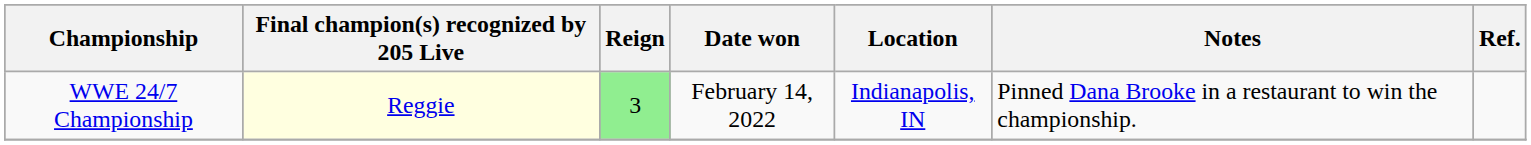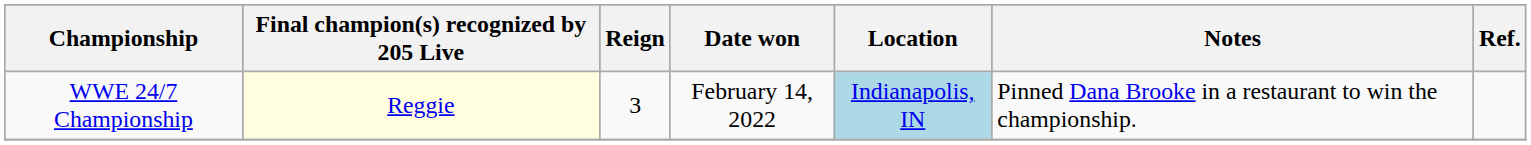 <table class="wikitable" style="font-size: 85%;">
 <tr>
 <th>Championship</th>
 <th>Final champion(s) recognized by 205 Live</th>
 <th>Reign</th>
 <th>Date won</th>
 <th>Location</th>
 <th>Notes</th>
 <th>Ref.</th>
 </tr>
 <tr>
 <td align=center><a href='#'>WWE 24/7 Championship</a></td>
 <td align=center style="background: lightyellow;"><a href='#'>Reggie</a></td>
-<td align=center style="background: lightgreen;">3</td>
+<td align=center>3</td>
 <td align=center>February 14, 2022</td>
-<td align=center><a href='#'>Indianapolis, IN</a></td>
+<td align=center style="background: lightblue;"><a href='#'>Indianapolis, IN</a></td>
 <td align=left>Pinned <a href='#'>Dana Brooke</a> in a restaurant to win the championship.</td>
 <td></td>
 </tr>
 <tr>
 </tr>
 </table>
